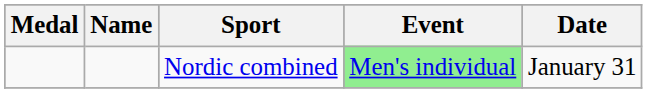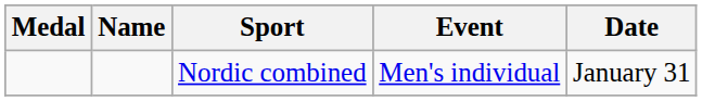 <table class="wikitable sortable" style="font-size:90%">
 <tr>
 <th>Medal</th>
 <th>Name</th>
 <th>Sport</th>
 <th>Event</th>
 <th>Date</th>
 </tr>
 <tr>
 <td></td>
 <td></td>
 <td><a href='#'>Nordic combined</a></td>
-<td style="background: lightgreen;"><a href='#'>Men's individual</a></td>
+<td><a href='#'>Men's individual</a></td>
 <td>January 31</td>
 </tr>
 </table>
